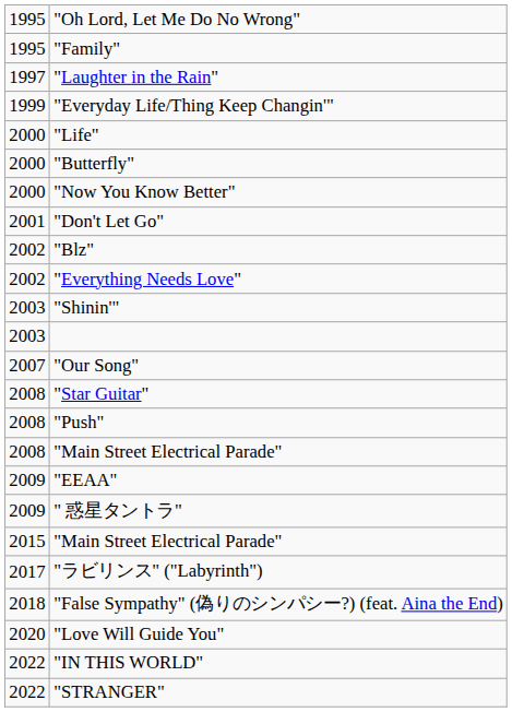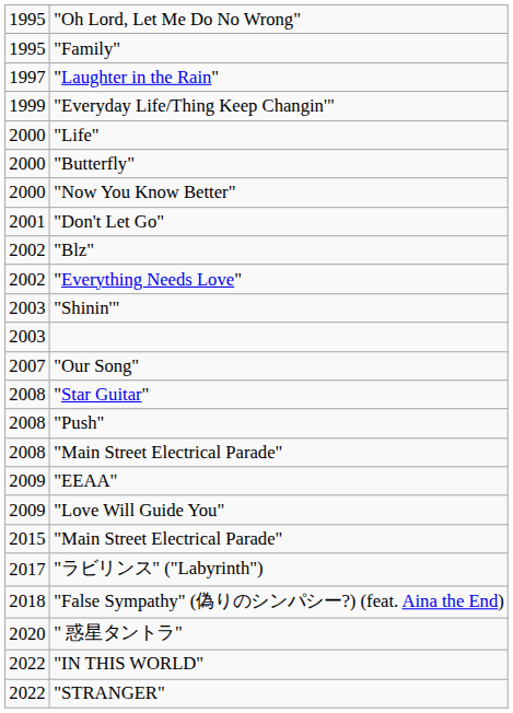 <table class="wikitable">
 <tr>
 <td>1995</td>
 <td>"Oh Lord, Let Me Do No Wrong"</td>
 </tr>
 <tr>
 <td>1995</td>
 <td>"Family"</td>
 </tr>
 <tr>
 <td>1997</td>
 <td>"<a href='#'>Laughter in the Rain</a>"</td>
 </tr>
 <tr>
 <td>1999</td>
 <td>"Everyday Life/Thing Keep Changin'"</td>
 </tr>
 <tr>
 <td>2000</td>
 <td>"Life" </td>
 </tr>
 <tr>
 <td>2000</td>
 <td>"Butterfly"</td>
 </tr>
 <tr>
 <td>2000</td>
 <td>"Now You Know Better"</td>
 </tr>
 <tr>
 <td>2001</td>
 <td>"Don't Let Go"</td>
 </tr>
 <tr>
 <td>2002</td>
 <td>"Blz"</td>
 </tr>
 <tr>
 <td>2002</td>
 <td>"<a href='#'>Everything Needs Love</a>" </td>
 </tr>
 <tr>
 <td>2003</td>
 <td>"Shinin'"</td>
 </tr>
 <tr>
 <td>2003</td>
 <td></td>
 </tr>
 <tr>
 <td>2007</td>
 <td>"Our Song"</td>
 </tr>
 <tr>
 <td>2008</td>
 <td>"<a href='#'>Star Guitar</a>" </td>
 </tr>
 <tr>
 <td>2008</td>
 <td>"Push"</td>
 </tr>
 <tr>
 <td>2008</td>
 <td>"Main Street Electrical Parade"</td>
 </tr>
 <tr>
 <td>2009</td>
 <td>"EEAA"</td>
 </tr>
 <tr>
 <td>2009</td>
-<td>" 惑星タントラ" </td>
+<td>"Love Will Guide You"</td>
 </tr>
 <tr>
 <td>2015</td>
 <td>"Main Street Electrical Parade" </td>
 </tr>
 <tr>
 <td>2017</td>
 <td>"ラビリンス" ("Labyrinth") </td>
 </tr>
 <tr>
 <td>2018</td>
 <td>"False Sympathy" (偽りのシンパシー?) (feat. <a href='#'>Aina the End</a>)</td>
 </tr>
 <tr>
 <td>2020</td>
-<td>"Love Will Guide You"</td>
+<td>" 惑星タントラ" </td>
 </tr>
 <tr>
 <td>2022</td>
 <td>"IN THIS WORLD" </td>
 </tr>
 <tr>
 <td>2022</td>
 <td>"STRANGER" </td>
 </tr>
 </table>
